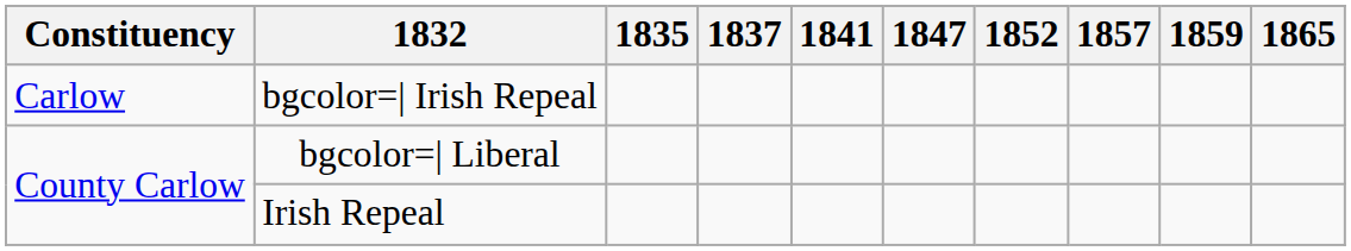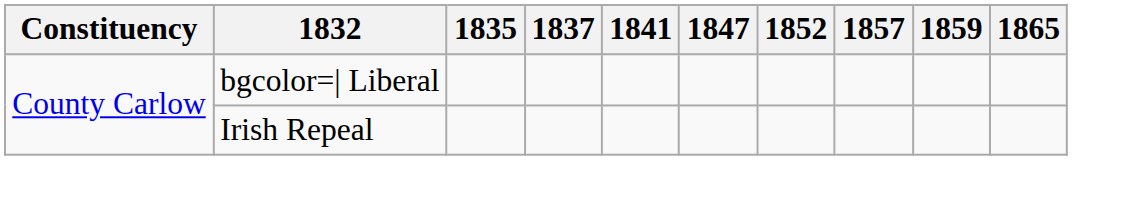 <table class=wikitable sortable>
 <tr>
 <th>Constituency</th>
 <th>1832</th>
 <th>1835</th>
 <th>1837</th>
 <th>1841</th>
 <th>1847</th>
 <th>1852</th>
 <th>1857</th>
 <th>1859</th>
 <th>1865</th>
-</tr>
-<tr>
-<td><a href='#'>Carlow</a></td>
-<td align=center>bgcolor=| Irish Repeal</td>
-<td></td>
-<td></td>
-<td></td>
-<td></td>
-<td></td>
-<td></td>
-<td></td>
-<td></td>
 </tr>
 <tr>
 <td rowspan=2><a href='#'>County Carlow</a></td>
 <td align=center>bgcolor=| Liberal</td>
 <td></td>
 <td></td>
 <td></td>
 <td></td>
 <td></td>
 <td></td>
 <td></td>
 <td></td>
 </tr>
 <tr>
 <td bgcolor=>Irish Repeal</td>
 <td></td>
 <td></td>
 <td></td>
 <td></td>
 <td></td>
 <td></td>
 <td></td>
 <td></td>
 </tr>
 </table>
